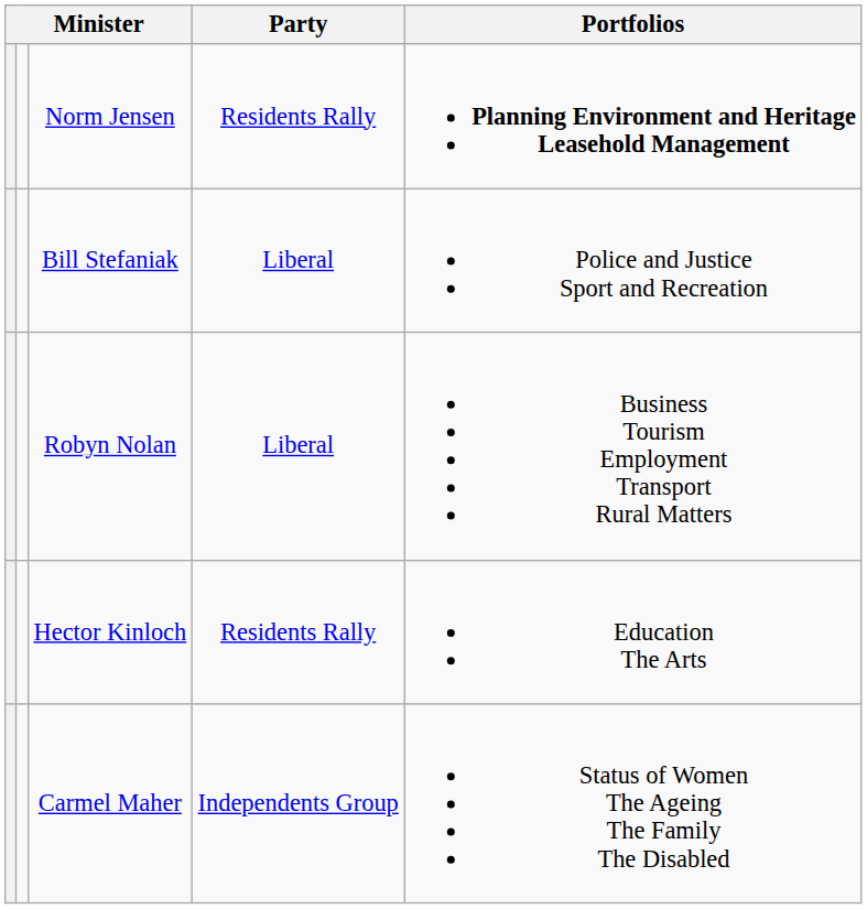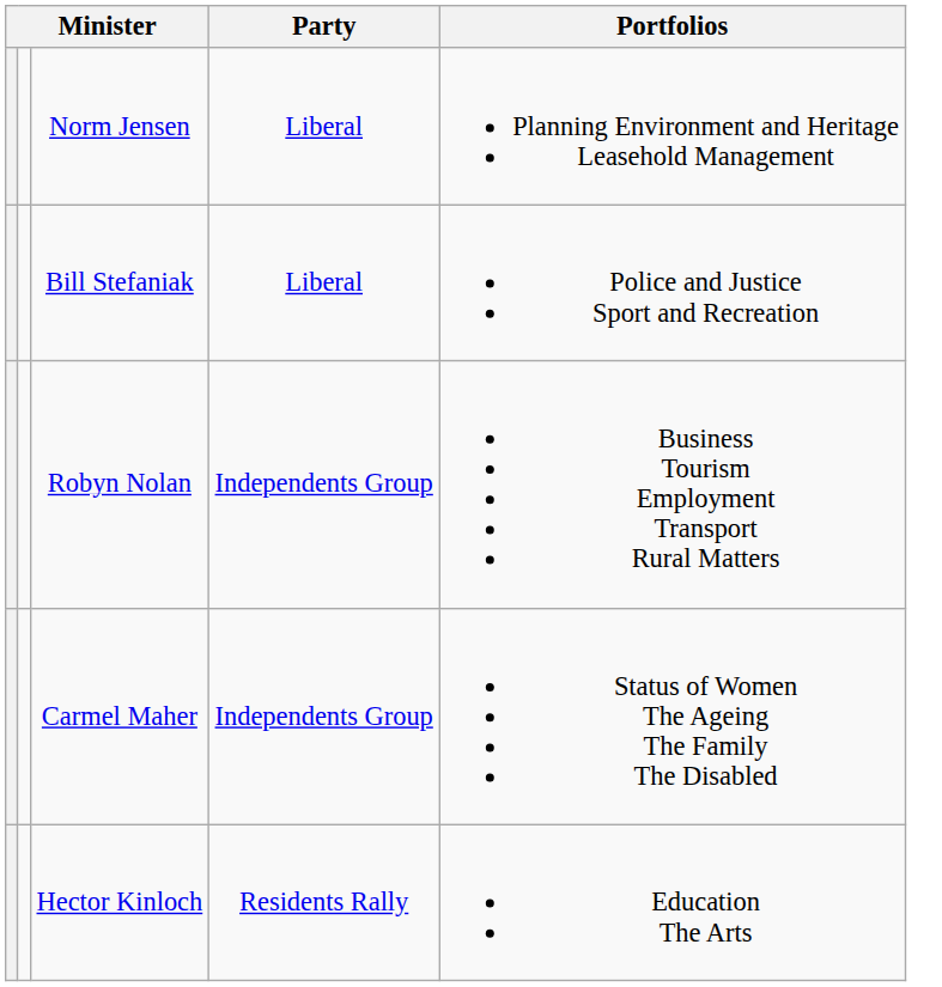 <table class="wikitable" style="text-align:center">
 <tr>
 <th colspan=3>Minister<br></th>
 <th>Party</th>
 <th>Portfolios</th>
 </tr>
 <tr>
 <th style="background:"></th>
 <td></td>
 <td><a href='#'>Norm Jensen</a> <br> </td>
-<td><a href='#'>Residents Rally</a></td>
-<td><strong><br><ul><li>Planning Environment and Heritage</li><li>Leasehold Management</li></ul></strong></td>
+<td><a href='#'>Liberal</a></td>
+<td><br><ul><li>Planning Environment and Heritage</li><li>Leasehold Management</li></ul></td>
 </tr>
 <tr>
 <th style="background:"></th>
 <td></td>
 <td><a href='#'>Bill Stefaniak</a> <br> </td>
 <td><a href='#'>Liberal</a></td>
 <td><br><ul><li>Police and Justice</li><li>Sport and Recreation</li></ul></td>
 </tr>
 <tr>
 <th style="background:"></th>
 <td></td>
 <td><a href='#'>Robyn Nolan</a></td>
-<td><a href='#'>Liberal</a></td>
+<td><a href='#'>Independents Group</a></td>
 <td><br><ul><li>Business</li><li>Tourism</li><li>Employment</li><li>Transport</li><li>Rural Matters</li></ul></td>
+</tr>
+<tr>
+<th style="background:"></th>
+<td></td>
+<td><a href='#'>Carmel Maher</a> <br> </td>
+<td><a href='#'>Independents Group</a></td>
+<td><br><ul><li>Status of Women</li><li>The Ageing</li><li>The Family</li><li>The Disabled</li></ul></td>
 </tr>
 <tr>
 <th style="background:"></th>
 <td></td>
 <td><a href='#'>Hector Kinloch</a> <br> </td>
 <td><a href='#'>Residents Rally</a></td>
 <td><br><ul><li>Education</li><li>The Arts</li></ul></td>
 </tr>
-<tr>
-<th style="background:"></th>
-<td></td>
-<td><a href='#'>Carmel Maher</a> <br> </td>
-<td><a href='#'>Independents Group</a></td>
-<td><br><ul><li>Status of Women</li><li>The Ageing</li><li>The Family</li><li>The Disabled</li></ul></td>
-</tr>
 </table>
